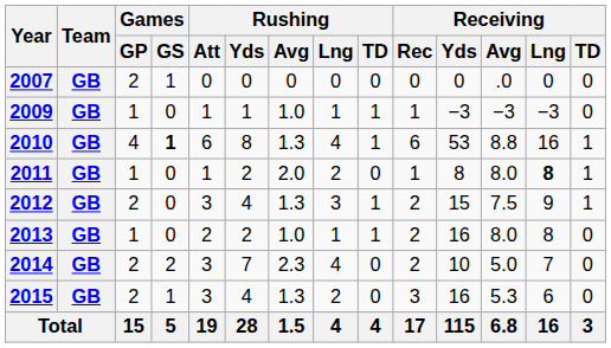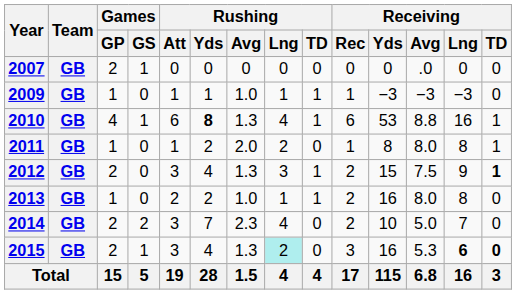 <table class=wikitable style="text-align:center;">
 <tr>
 <th rowspan="2">Year</th>
 <th rowspan="2">Team</th>
 <th colspan="2">Games</th>
 <th colspan="5">Rushing</th>
 <th colspan="5">Receiving</th>
 </tr>
 <tr>
 <th>GP</th>
 <th>GS</th>
 <th>Att</th>
 <th>Yds</th>
 <th>Avg</th>
 <th>Lng</th>
 <th>TD</th>
 <th>Rec</th>
 <th>Yds</th>
 <th>Avg</th>
 <th>Lng</th>
 <th>TD</th>
 </tr>
 <tr>
 <th><a href='#'>2007</a></th>
 <th><a href='#'>GB</a></th>
 <td>2</td>
 <td>1</td>
 <td>0</td>
 <td>0</td>
 <td>0</td>
 <td>0</td>
 <td>0</td>
 <td>0</td>
 <td>0</td>
 <td>.0</td>
 <td>0</td>
 <td>0</td>
 </tr>
 <tr>
 <th><a href='#'>2009</a></th>
 <th><a href='#'>GB</a></th>
 <td>1</td>
 <td>0</td>
 <td>1</td>
 <td>1</td>
 <td>1.0</td>
 <td>1</td>
 <td>1</td>
 <td>1</td>
 <td>−3</td>
 <td>−3</td>
 <td>−3</td>
 <td>0</td>
 </tr>
 <tr>
 <th><a href='#'>2010</a></th>
 <th><a href='#'>GB</a></th>
 <td>4</td>
-<td><strong>1</strong></td>
+<td>1</td>
 <td>6</td>
-<td>8</td>
+<td><strong>8</strong></td>
 <td>1.3</td>
 <td>4</td>
 <td>1</td>
 <td>6</td>
 <td>53</td>
 <td>8.8</td>
 <td>16</td>
 <td>1</td>
 </tr>
 <tr>
 <th><a href='#'>2011</a></th>
 <th><a href='#'>GB</a></th>
 <td>1</td>
 <td>0</td>
 <td>1</td>
 <td>2</td>
 <td>2.0</td>
 <td>2</td>
 <td>0</td>
 <td>1</td>
 <td>8</td>
 <td>8.0</td>
-<td><strong>8</strong></td>
+<td>8</td>
 <td>1</td>
 </tr>
 <tr>
 <th><a href='#'>2012</a></th>
 <th><a href='#'>GB</a></th>
 <td>2</td>
 <td>0</td>
 <td>3</td>
 <td>4</td>
 <td>1.3</td>
 <td>3</td>
 <td>1</td>
 <td>2</td>
 <td>15</td>
 <td>7.5</td>
 <td>9</td>
-<td>1</td>
+<td><strong>1</strong></td>
 </tr>
 <tr>
 <th><a href='#'>2013</a></th>
 <th><a href='#'>GB</a></th>
 <td>1</td>
 <td>0</td>
 <td>2</td>
 <td>2</td>
 <td>1.0</td>
 <td>1</td>
 <td>1</td>
 <td>2</td>
 <td>16</td>
 <td>8.0</td>
 <td>8</td>
 <td>0</td>
 </tr>
 <tr>
 <th><a href='#'>2014</a></th>
 <th><a href='#'>GB</a></th>
 <td>2</td>
 <td>2</td>
 <td>3</td>
 <td>7</td>
 <td>2.3</td>
 <td>4</td>
 <td>0</td>
 <td>2</td>
 <td>10</td>
 <td>5.0</td>
 <td>7</td>
 <td>0</td>
 </tr>
 <tr>
 <th><a href='#'>2015</a></th>
 <th><a href='#'>GB</a></th>
 <td>2</td>
 <td>1</td>
 <td>3</td>
 <td>4</td>
 <td>1.3</td>
-<td>2</td>
+<td style="background: paleturquoise;">2</td>
 <td>0</td>
 <td>3</td>
 <td>16</td>
 <td>5.3</td>
-<td>6</td>
-<td>0</td>
+<td><strong>6</strong></td>
+<td><strong>0</strong></td>
 </tr>
 <tr>
 <th colspan="2">Total</th>
 <th>15</th>
 <th>5</th>
 <th>19</th>
 <th>28</th>
 <th>1.5</th>
 <th>4</th>
 <th>4</th>
 <th>17</th>
 <th>115</th>
 <th>6.8</th>
 <th>16</th>
 <th>3</th>
 </tr>
 </table>
